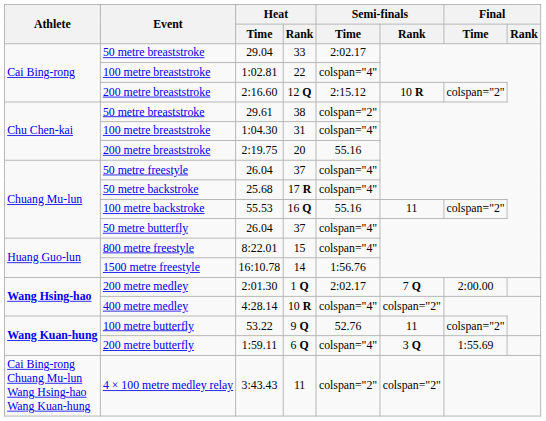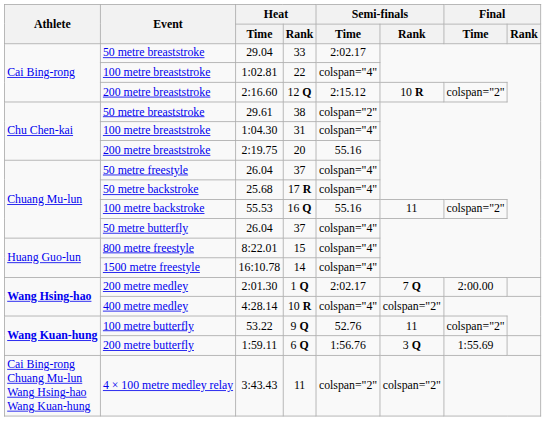 <table class="wikitable" style="font-size:90%; text-align:center">
 <tr>
 <th rowspan="2">Athlete</th>
 <th rowspan="2">Event</th>
 <th colspan="2">Heat</th>
 <th colspan="2">Semi-finals</th>
 <th colspan="2">Final</th>
 </tr>
 <tr>
 <th>Time</th>
 <th>Rank</th>
 <th>Time</th>
 <th>Rank</th>
 <th>Time</th>
 <th>Rank</th>
 </tr>
 <tr>
 <td align="left" rowspan="3"><a href='#'>Cai Bing-rong</a></td>
 <td align="left"><a href='#'>50 metre breaststroke</a></td>
 <td>29.04</td>
 <td>33</td>
 <td>2:02.17</td>
 </tr>
 <tr>
 <td align="left"><a href='#'>100 metre breaststroke</a></td>
 <td>1:02.81</td>
 <td>22</td>
 <td>colspan="4" </td>
 </tr>
 <tr>
 <td align="left"><a href='#'>200 metre breaststroke</a></td>
 <td>2:16.60</td>
 <td>12 <strong>Q</strong></td>
 <td>2:15.12</td>
 <td>10 <strong>R</strong></td>
 <td>colspan="2" </td>
 </tr>
 <tr>
 <td align="left" rowspan="3"><a href='#'>Chu Chen-kai</a></td>
 <td align="left"><a href='#'>50 metre breaststroke</a></td>
 <td>29.61</td>
 <td>38</td>
 <td>colspan="2" </td>
 </tr>
 <tr>
 <td align="left"><a href='#'>100 metre breaststroke</a></td>
 <td>1:04.30</td>
 <td>31</td>
 <td>colspan="4" </td>
 </tr>
 <tr>
 <td align="left"><a href='#'>200 metre breaststroke</a></td>
 <td>2:19.75</td>
 <td>20</td>
 <td>55.16</td>
 </tr>
 <tr>
 <td align="left" rowspan="4"><a href='#'>Chuang Mu-lun</a></td>
 <td align="left"><a href='#'>50 metre freestyle</a></td>
 <td>26.04</td>
 <td>37</td>
 <td>colspan="4" </td>
 </tr>
 <tr>
 <td align="left"><a href='#'>50 metre backstroke</a></td>
 <td>25.68</td>
 <td>17 <strong>R</strong></td>
 <td>colspan="4" </td>
 </tr>
 <tr>
 <td align="left"><a href='#'>100 metre backstroke</a></td>
 <td>55.53</td>
 <td>16 <strong>Q</strong></td>
 <td>55.16</td>
 <td>11</td>
 <td>colspan="2" </td>
 </tr>
 <tr>
 <td align="left"><a href='#'>50 metre butterfly</a></td>
 <td>26.04</td>
 <td>37</td>
 <td>colspan="4" </td>
 </tr>
 <tr>
 <td align="left" rowspan="2"><a href='#'>Huang Guo-lun</a></td>
 <td align="left"><a href='#'>800 metre freestyle</a></td>
 <td>8:22.01</td>
 <td>15</td>
 <td>colspan="4" </td>
 </tr>
 <tr>
 <td align="left"><a href='#'>1500 metre freestyle</a></td>
 <td>16:10.78</td>
 <td>14</td>
-<td>1:56.76</td>
+<td>colspan="4" </td>
 </tr>
 <tr>
 <td align="left" rowspan="2"><strong><a href='#'>Wang Hsing-hao</a></strong></td>
 <td align="left"><a href='#'>200 metre medley</a></td>
 <td>2:01.30</td>
 <td>1 <strong>Q</strong></td>
 <td>2:02.17</td>
 <td>7 <strong>Q</strong></td>
 <td>2:00.00</td>
 <td></td>
 </tr>
 <tr>
 <td align="left"><a href='#'>400 metre medley</a></td>
 <td>4:28.14</td>
 <td>10 <strong>R</strong></td>
 <td>colspan="4" </td>
 <td>colspan="2" </td>
 </tr>
 <tr>
 <td align="left" rowspan="2"><strong><a href='#'>Wang Kuan-hung</a></strong></td>
 <td align="left"><a href='#'>100 metre butterfly</a></td>
 <td>53.22</td>
 <td>9 <strong>Q</strong></td>
 <td>52.76</td>
 <td>11</td>
 <td>colspan="2" </td>
 </tr>
 <tr>
 <td align="left"><a href='#'>200 metre butterfly</a></td>
 <td>1:59.11</td>
 <td>6 <strong>Q</strong></td>
-<td>colspan="4" </td>
+<td>1:56.76</td>
 <td>3 <strong>Q</strong></td>
 <td>1:55.69</td>
 <td></td>
 </tr>
 <tr>
 <td align="left"><a href='#'>Cai Bing-rong</a><br><a href='#'>Chuang Mu-lun</a><br><a href='#'>Wang Hsing-hao</a><br><a href='#'>Wang Kuan-hung</a></td>
 <td align="left"><a href='#'>4 × 100 metre medley relay</a></td>
 <td>3:43.43</td>
 <td>11</td>
 <td>colspan="2" </td>
 <td>colspan="2" </td>
 </tr>
 </table>
